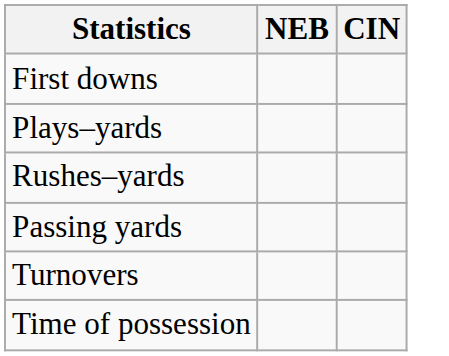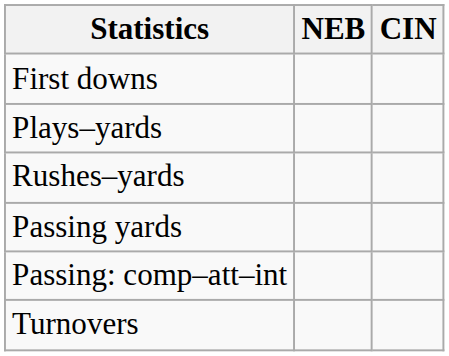 <table class="wikitable" style="float:left">
 <tr>
 <th>Statistics</th>
 <th>NEB</th>
 <th>CIN</th>
 </tr>
 <tr>
 <td>First downs</td>
 <td></td>
 <td></td>
 </tr>
 <tr>
 <td>Plays–yards</td>
 <td></td>
 <td></td>
 </tr>
 <tr>
 <td>Rushes–yards</td>
 <td></td>
 <td></td>
 </tr>
 <tr>
 <td>Passing yards</td>
 <td></td>
 <td></td>
 </tr>
 <tr>
+<td>Passing: comp–att–int</td>
+<td></td>
+<td></td>
+</tr>
+<tr>
 <td>Turnovers</td>
 <td></td>
 <td></td>
 </tr>
-<tr>
-<td>Time of possession</td>
-<td></td>
-<td></td>
-</tr>
 </table>
